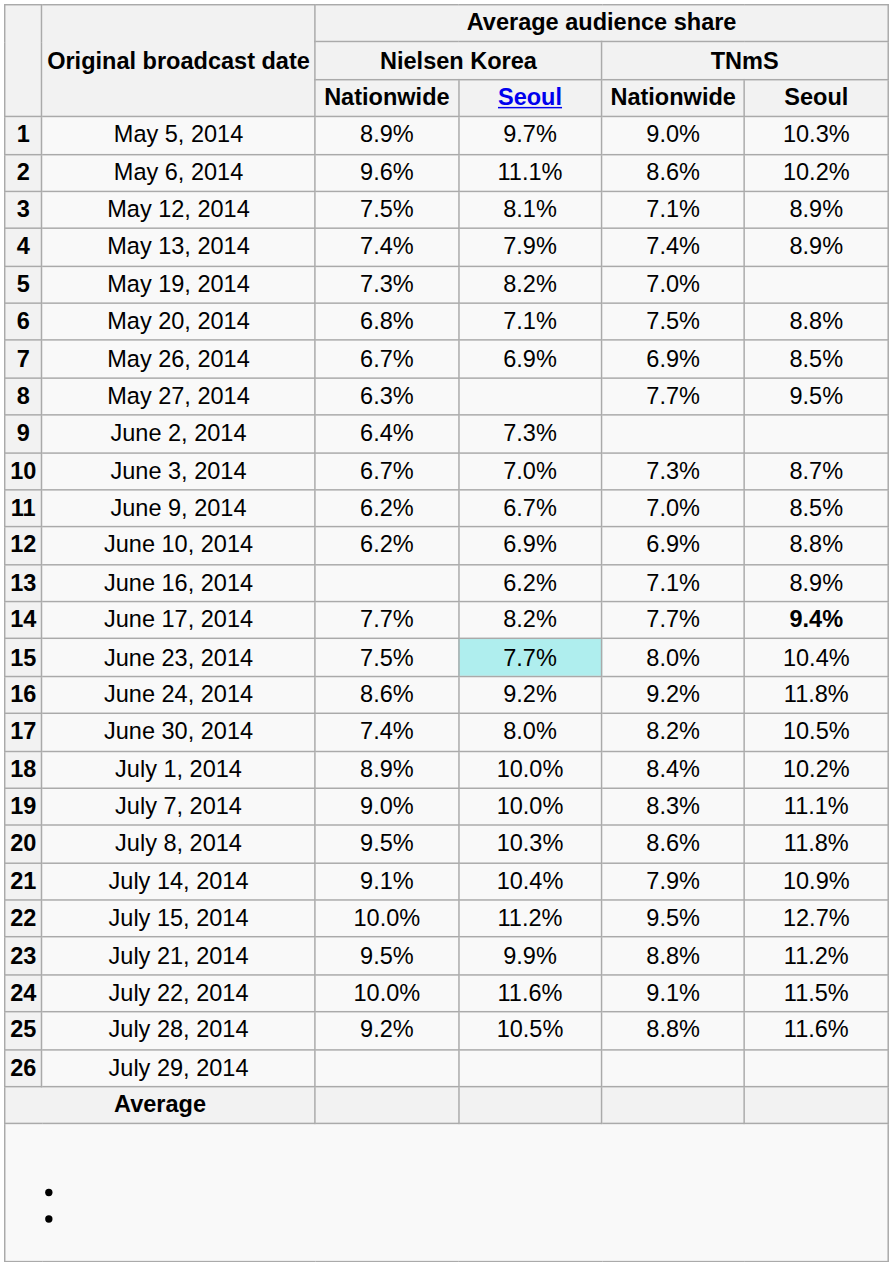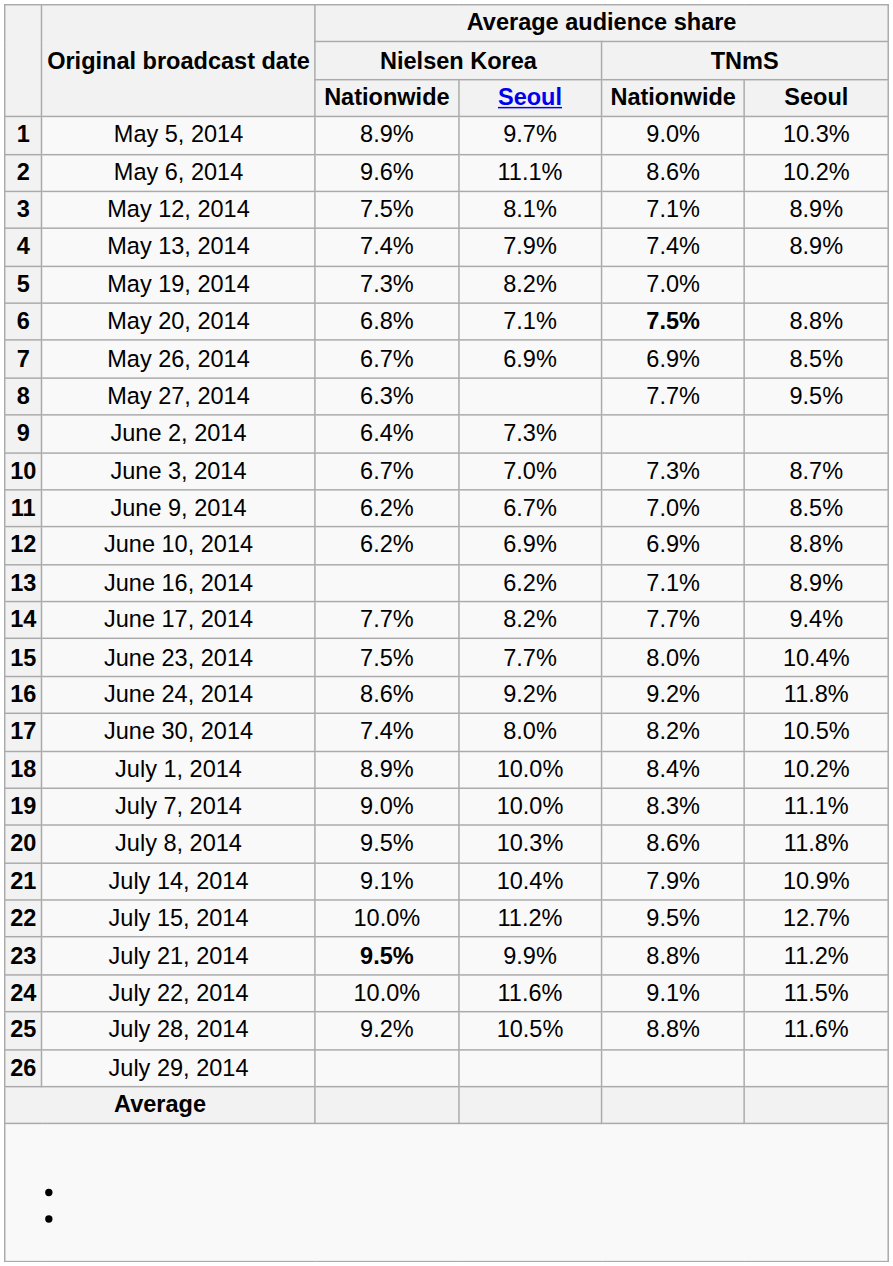 <table class="wikitable" style="text-align:center">
 <tr>
 <th rowspan="3"></th>
 <th rowspan="3">Original broadcast date</th>
 <th colspan="4">Average audience share</th>
 </tr>
 <tr>
 <th colspan="2">Nielsen Korea</th>
 <th colspan="2">TNmS</th>
 </tr>
 <tr>
 <th width="90">Nationwide</th>
 <th width="90"><a href='#'>Seoul</a></th>
 <th width="90">Nationwide</th>
 <th width="90">Seoul</th>
 </tr>
 <tr>
 <th>1</th>
 <td>May 5, 2014</td>
 <td>8.9% </td>
 <td>9.7% </td>
 <td>9.0% </td>
 <td>10.3% </td>
 </tr>
 <tr>
 <th>2</th>
 <td>May 6, 2014</td>
 <td>9.6% </td>
 <td>11.1% </td>
 <td>8.6% </td>
 <td>10.2% </td>
 </tr>
 <tr>
 <th>3</th>
 <td>May 12, 2014</td>
 <td>7.5% </td>
 <td>8.1% </td>
 <td>7.1% </td>
 <td>8.9% </td>
 </tr>
 <tr>
 <th>4</th>
 <td>May 13, 2014</td>
 <td>7.4% </td>
 <td>7.9% </td>
 <td>7.4% </td>
 <td>8.9% </td>
 </tr>
 <tr>
 <th>5</th>
 <td>May 19, 2014</td>
 <td>7.3% </td>
 <td>8.2% </td>
 <td>7.0% </td>
 <td><strong></strong> </td>
 </tr>
 <tr>
 <th>6</th>
 <td>May 20, 2014</td>
 <td>6.8% </td>
 <td>7.1% </td>
-<td>7.5% </td>
+<td><strong>7.5% </strong></td>
 <td>8.8% </td>
 </tr>
 <tr>
 <th>7</th>
 <td>May 26, 2014</td>
 <td>6.7% </td>
 <td>6.9% </td>
 <td>6.9% </td>
 <td>8.5% </td>
 </tr>
 <tr>
 <th>8</th>
 <td>May 27, 2014</td>
 <td>6.3% </td>
 <td><strong></strong> </td>
 <td>7.7% </td>
 <td>9.5% </td>
 </tr>
 <tr>
 <th>9</th>
 <td>June 2, 2014</td>
 <td>6.4% </td>
 <td>7.3% </td>
 <td><strong></strong> </td>
 <td><strong></strong> </td>
 </tr>
 <tr>
 <th>10</th>
 <td>June 3, 2014</td>
 <td>6.7% </td>
 <td>7.0% </td>
 <td>7.3% </td>
 <td>8.7% </td>
 </tr>
 <tr>
 <th>11</th>
 <td>June 9, 2014</td>
 <td>6.2% </td>
 <td>6.7% </td>
 <td>7.0% </td>
 <td>8.5% </td>
 </tr>
 <tr>
 <th>12</th>
 <td>June 10, 2014</td>
 <td>6.2% </td>
 <td>6.9% </td>
 <td>6.9% </td>
 <td>8.8% </td>
 </tr>
 <tr>
 <th>13</th>
 <td>June 16, 2014</td>
 <td><strong></strong> </td>
 <td>6.2% </td>
 <td>7.1% </td>
 <td>8.9% </td>
 </tr>
 <tr>
 <th>14</th>
 <td>June 17, 2014</td>
 <td>7.7% </td>
 <td>8.2% </td>
 <td>7.7% </td>
-<td><strong>9.4% </strong></td>
+<td>9.4% </td>
 </tr>
 <tr>
 <th>15</th>
 <td>June 23, 2014</td>
 <td>7.5% </td>
-<td style="background: paleturquoise;">7.7% </td>
+<td>7.7% </td>
 <td>8.0% </td>
 <td>10.4% </td>
 </tr>
 <tr>
 <th>16</th>
 <td>June 24, 2014</td>
 <td>8.6% </td>
 <td>9.2% </td>
 <td>9.2% </td>
 <td>11.8% </td>
 </tr>
 <tr>
 <th>17</th>
 <td>June 30, 2014</td>
 <td>7.4% </td>
 <td>8.0% </td>
 <td>8.2% </td>
 <td>10.5% </td>
 </tr>
 <tr>
 <th>18</th>
 <td>July 1, 2014</td>
 <td>8.9% </td>
 <td>10.0% </td>
 <td>8.4% </td>
 <td>10.2% </td>
 </tr>
 <tr>
 <th>19</th>
 <td>July 7, 2014</td>
 <td>9.0% </td>
 <td>10.0% </td>
 <td>8.3% </td>
 <td>11.1% </td>
 </tr>
 <tr>
 <th>20</th>
 <td>July 8, 2014</td>
 <td>9.5% </td>
 <td>10.3% </td>
 <td>8.6% </td>
 <td>11.8% </td>
 </tr>
 <tr>
 <th>21</th>
 <td>July 14, 2014</td>
 <td>9.1% </td>
 <td>10.4% </td>
 <td>7.9% </td>
 <td>10.9% </td>
 </tr>
 <tr>
 <th>22</th>
 <td>July 15, 2014</td>
 <td>10.0% </td>
 <td>11.2% </td>
 <td>9.5% </td>
 <td>12.7% </td>
 </tr>
 <tr>
 <th>23</th>
 <td>July 21, 2014</td>
-<td>9.5% </td>
+<td><strong>9.5% </strong></td>
 <td>9.9% </td>
 <td>8.8% </td>
 <td>11.2% </td>
 </tr>
 <tr>
 <th>24</th>
 <td>July 22, 2014</td>
 <td>10.0% </td>
 <td>11.6% </td>
 <td>9.1% </td>
 <td>11.5% </td>
 </tr>
 <tr>
 <th>25</th>
 <td>July 28, 2014</td>
 <td>9.2% </td>
 <td>10.5% </td>
 <td>8.8% </td>
 <td>11.6% </td>
 </tr>
 <tr>
 <th>26</th>
 <td>July 29, 2014</td>
 <td><strong></strong> </td>
 <td><strong></strong> </td>
 <td><strong></strong> </td>
 <td><strong></strong> </td>
 </tr>
 <tr>
 <th colspan="2">Average</th>
 <th></th>
 <th></th>
 <th></th>
 <th></th>
 </tr>
 <tr>
 <td colspan="6"><br><ul><li></li><li></li></ul></td>
 </tr>
 </table>
